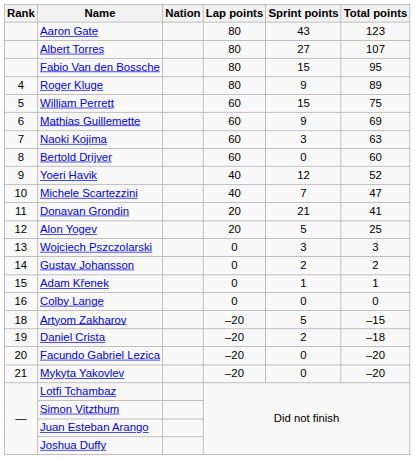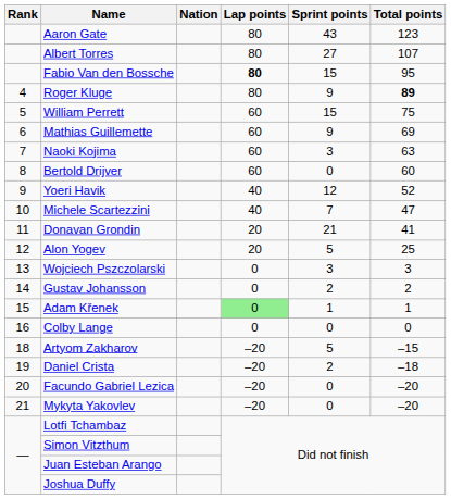 <table class="wikitable sortable" style="text-align:center">
 <tr>
 <th>Rank</th>
 <th>Name</th>
 <th>Nation</th>
 <th>Lap points</th>
 <th>Sprint points</th>
 <th>Total points</th>
 </tr>
 <tr>
 <td></td>
 <td align=left><a href='#'>Aaron Gate</a></td>
 <td align=left></td>
 <td>80</td>
 <td>43</td>
 <td>123</td>
 </tr>
 <tr>
 <td></td>
 <td align=left><a href='#'>Albert Torres</a></td>
 <td align=left></td>
 <td>80</td>
 <td>27</td>
 <td>107</td>
 </tr>
 <tr>
 <td></td>
 <td align=left><a href='#'>Fabio Van den Bossche</a></td>
 <td align=left></td>
-<td>80</td>
+<td><strong>80</strong></td>
 <td>15</td>
 <td>95</td>
 </tr>
 <tr>
 <td>4</td>
 <td align=left><a href='#'>Roger Kluge</a></td>
 <td align=left></td>
 <td>80</td>
 <td>9</td>
-<td>89</td>
+<td><strong>89</strong></td>
 </tr>
 <tr>
 <td>5</td>
 <td align=left><a href='#'>William Perrett</a></td>
 <td align=left></td>
 <td>60</td>
 <td>15</td>
 <td>75</td>
 </tr>
 <tr>
 <td>6</td>
 <td align=left><a href='#'>Mathias Guillemette</a></td>
 <td align=left></td>
 <td>60</td>
 <td>9</td>
 <td>69</td>
 </tr>
 <tr>
 <td>7</td>
 <td align=left><a href='#'>Naoki Kojima</a></td>
 <td align=left></td>
 <td>60</td>
 <td>3</td>
 <td>63</td>
 </tr>
 <tr>
 <td>8</td>
 <td align=left><a href='#'>Bertold Drijver</a></td>
 <td align=left></td>
 <td>60</td>
 <td>0</td>
 <td>60</td>
 </tr>
 <tr>
 <td>9</td>
 <td align=left><a href='#'>Yoeri Havik</a></td>
 <td align=left></td>
 <td>40</td>
 <td>12</td>
 <td>52</td>
 </tr>
 <tr>
 <td>10</td>
 <td align=left><a href='#'>Michele Scartezzini</a></td>
 <td align=left></td>
 <td>40</td>
 <td>7</td>
 <td>47</td>
 </tr>
 <tr>
 <td>11</td>
 <td align=left><a href='#'>Donavan Grondin</a></td>
 <td align=left></td>
 <td>20</td>
 <td>21</td>
 <td>41</td>
 </tr>
 <tr>
 <td>12</td>
 <td align=left><a href='#'>Alon Yogev</a></td>
 <td align=left></td>
 <td>20</td>
 <td>5</td>
 <td>25</td>
 </tr>
 <tr>
 <td>13</td>
 <td align=left><a href='#'>Wojciech Pszczolarski</a></td>
 <td align=left></td>
 <td>0</td>
 <td>3</td>
 <td>3</td>
 </tr>
 <tr>
 <td>14</td>
 <td align=left><a href='#'>Gustav Johansson</a></td>
 <td align=left></td>
 <td>0</td>
 <td>2</td>
 <td>2</td>
 </tr>
 <tr>
 <td>15</td>
 <td align=left><a href='#'>Adam Křenek</a></td>
 <td align=left></td>
-<td>0</td>
+<td style="background: lightgreen;">0</td>
 <td>1</td>
 <td>1</td>
 </tr>
 <tr>
 <td>16</td>
 <td align=left><a href='#'>Colby Lange</a></td>
 <td align=left></td>
 <td>0</td>
 <td>0</td>
 <td>0</td>
 </tr>
 <tr>
 <td>18</td>
 <td align=left><a href='#'>Artyom Zakharov</a></td>
 <td align=left></td>
 <td>–20</td>
 <td>5</td>
 <td>–15</td>
 </tr>
 <tr>
 <td>19</td>
 <td align=left><a href='#'>Daniel Crista</a></td>
 <td align=left></td>
 <td>–20</td>
 <td>2</td>
 <td>–18</td>
 </tr>
 <tr>
 <td>20</td>
 <td align=left><a href='#'>Facundo Gabriel Lezica</a></td>
 <td align=left></td>
 <td>–20</td>
 <td>0</td>
 <td>–20</td>
 </tr>
 <tr>
 <td>21</td>
 <td align=left><a href='#'>Mykyta Yakovlev</a></td>
 <td align=left></td>
 <td>–20</td>
 <td>0</td>
 <td>–20</td>
 </tr>
 <tr>
 <td rowspan=4>—</td>
 <td align=left><a href='#'>Lotfi Tchambaz</a></td>
 <td align=left></td>
 <td colspan=3 rowspan=4>Did not finish</td>
 </tr>
 <tr>
 <td align=left><a href='#'>Simon Vitzthum</a></td>
 <td align=left></td>
 </tr>
 <tr>
 <td align=left><a href='#'>Juan Esteban Arango</a></td>
 <td align=left></td>
 </tr>
 <tr>
 <td align=left><a href='#'>Joshua Duffy</a></td>
 <td align=left></td>
 </tr>
 </table>
